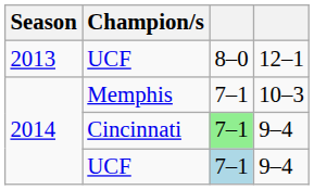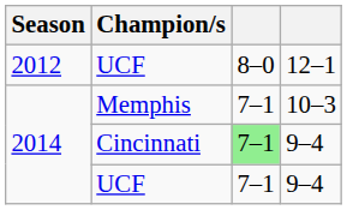 <table class="wikitable sortable">
 <tr>
 <th width=px>Season</th>
 <th width=px>Champion/s</th>
 <th width=px></th>
 <th width=px></th>
 </tr>
 <tr>
-<td><a href='#'>2013</a></td>
+<td><a href='#'>2012</a></td>
 <td><a href='#'>UCF</a></td>
 <td>8–0</td>
 <td>12–1</td>
 </tr>
 <tr>
 <td rowspan=3><a href='#'>2014</a></td>
 <td><a href='#'>Memphis</a></td>
 <td>7–1</td>
 <td>10–3</td>
 </tr>
 <tr>
 <td><a href='#'>Cincinnati</a></td>
 <td style="background: lightgreen;">7–1</td>
 <td>9–4</td>
 </tr>
 <tr>
 <td><a href='#'>UCF</a></td>
-<td style="background: lightblue;">7–1</td>
+<td>7–1</td>
 <td>9–4</td>
 </tr>
 </table>
